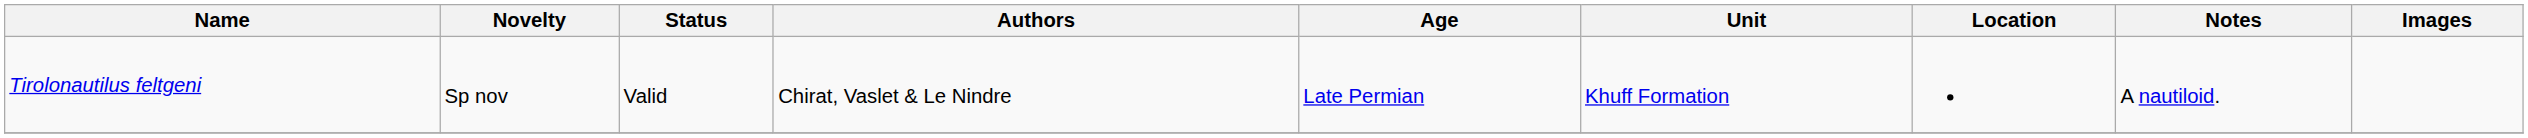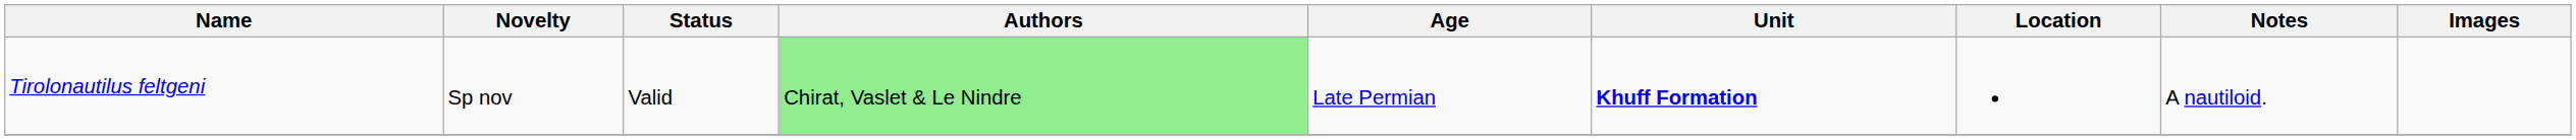 <table class="wikitable sortable" align="center" width="100%">
 <tr>
 <th>Name</th>
 <th>Novelty</th>
 <th>Status</th>
 <th>Authors</th>
 <th>Age</th>
 <th>Unit</th>
 <th>Location</th>
 <th>Notes</th>
 <th>Images</th>
 </tr>
 <tr>
 <td><em><a href='#'>Tirolonautilus feltgeni</a></em></td>
 <td><br>Sp nov</td>
 <td><br>Valid</td>
-<td><br>Chirat, Vaslet & Le Nindre</td>
+<td style="background: lightgreen;"><br>Chirat, Vaslet & Le Nindre</td>
 <td><br><a href='#'>Late Permian</a></td>
-<td><br><a href='#'>Khuff Formation</a></td>
+<td><strong><br><a href='#'>Khuff Formation</a></strong></td>
 <td><br><ul><li></li></ul></td>
 <td><br>A <a href='#'>nautiloid</a>.</td>
 <td></td>
 </tr>
 <tr>
 </tr>
 </table>
